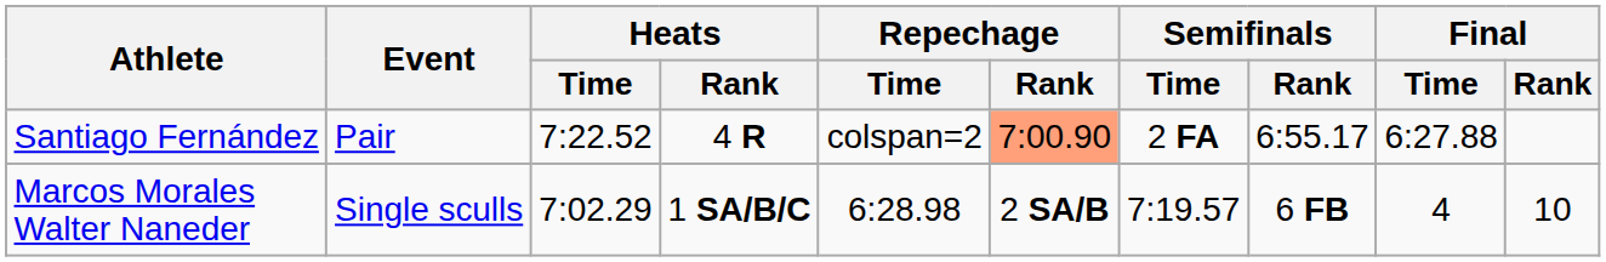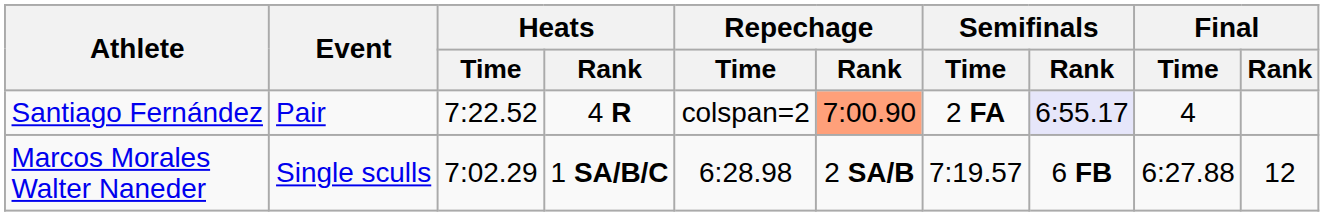 <table class="wikitable" style="font-size:90%">
 <tr>
 <th rowspan="2">Athlete</th>
 <th rowspan="2">Event</th>
 <th colspan="2">Heats</th>
 <th colspan="2">Repechage</th>
 <th colspan="2">Semifinals</th>
 <th colspan="2">Final</th>
 </tr>
 <tr style="font-size:95%">
 <th>Time</th>
 <th>Rank</th>
 <th>Time</th>
 <th>Rank</th>
 <th>Time</th>
 <th>Rank</th>
 <th>Time</th>
 <th>Rank</th>
 </tr>
 <tr align=center>
 <td align=left><a href='#'>Santiago Fernández</a></td>
 <td align=left><a href='#'>Pair</a></td>
 <td>7:22.52</td>
 <td>4 <strong>R</strong></td>
 <td>colspan=2 </td>
 <td style="background: lightsalmon;">7:00.90</td>
 <td>2 <strong>FA</strong></td>
-<td>6:55.17</td>
-<td>6:27.88</td>
+<td style="background: lavender;">6:55.17</td>
+<td>4</td>
 </tr>
 <tr align=center>
 <td align=left><a href='#'>Marcos Morales</a><br><a href='#'>Walter Naneder</a></td>
 <td align=left><a href='#'>Single sculls</a></td>
 <td>7:02.29</td>
 <td>1 <strong>SA/B/C</strong></td>
 <td>6:28.98</td>
 <td>2 <strong>SA/B</strong></td>
 <td>7:19.57</td>
 <td>6 <strong>FB</strong></td>
-<td>4</td>
-<td>10</td>
+<td>6:27.88</td>
+<td>12</td>
 </tr>
 </table>
